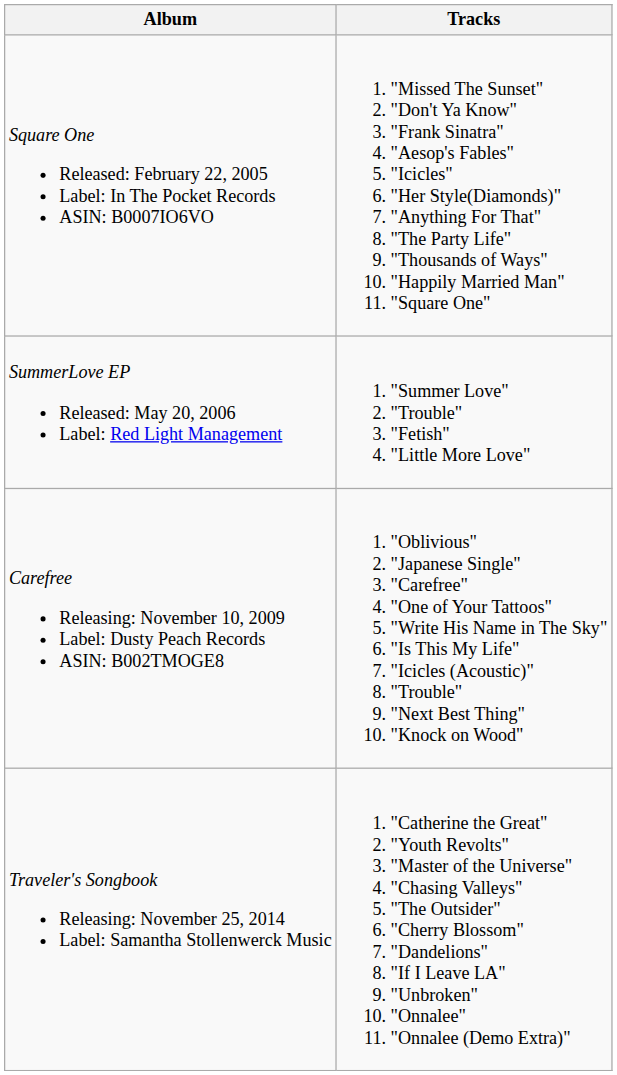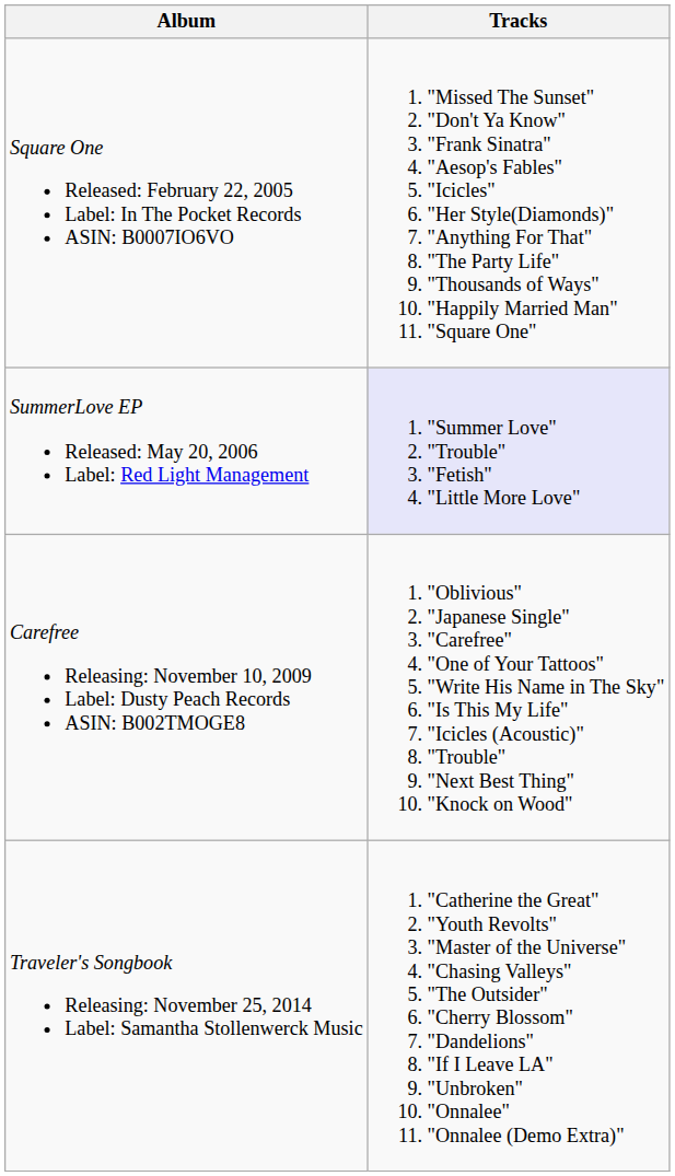 <table class="wikitable" style="font-size: 90%;">
 <tr>
 <th>Album</th>
 <th>Tracks</th>
 </tr>
 <tr>
 <td><em>Square One</em><br><ul><li>Released: February 22, 2005</li><li>Label: In The Pocket Records</li><li>ASIN: B0007IO6VO</li></ul></td>
 <td><br><ol><li>"Missed The Sunset"</li><li>"Don't Ya Know"</li><li>"Frank Sinatra"</li><li>"Aesop's Fables"</li><li>"Icicles"</li><li>"Her Style(Diamonds)"</li><li>"Anything For That"</li><li>"The Party Life"</li><li>"Thousands of Ways"</li><li>"Happily Married Man"</li><li>"Square One"</li></ol></td>
 </tr>
 <tr>
 <td><em>SummerLove EP</em><br><ul><li>Released: May 20, 2006</li><li>Label: <a href='#'>Red Light Management</a></li></ul></td>
-<td><br><ol><li>"Summer Love"</li><li>"Trouble"</li><li>"Fetish"</li><li>"Little More Love"</li></ol></td>
+<td style="background: lavender;"><br><ol><li>"Summer Love"</li><li>"Trouble"</li><li>"Fetish"</li><li>"Little More Love"</li></ol></td>
 </tr>
 <tr>
 <td><em>Carefree</em><br><ul><li>Releasing: November 10, 2009</li><li>Label: Dusty Peach Records</li><li>ASIN: B002TMOGE8</li></ul></td>
 <td><br><ol><li>"Oblivious"</li><li>"Japanese Single"</li><li>"Carefree"</li><li>"One of Your Tattoos"</li><li>"Write His Name in The Sky"</li><li>"Is This My Life"</li><li>"Icicles (Acoustic)"</li><li>"Trouble"</li><li>"Next Best Thing"</li><li>"Knock on Wood"</li></ol></td>
 </tr>
 <tr>
 <td><em>Traveler's Songbook</em><br><ul><li>Releasing: November 25, 2014</li><li>Label: Samantha Stollenwerck Music</li></ul></td>
 <td><br><ol><li>"Catherine the Great"</li><li>"Youth Revolts"</li><li>"Master of the Universe"</li><li>"Chasing Valleys"</li><li>"The Outsider"</li><li>"Cherry Blossom"</li><li>"Dandelions"</li><li>"If I Leave LA"</li><li>"Unbroken"</li><li>"Onnalee"</li><li>"Onnalee (Demo Extra)"</li></ol></td>
 </tr>
 </table>
